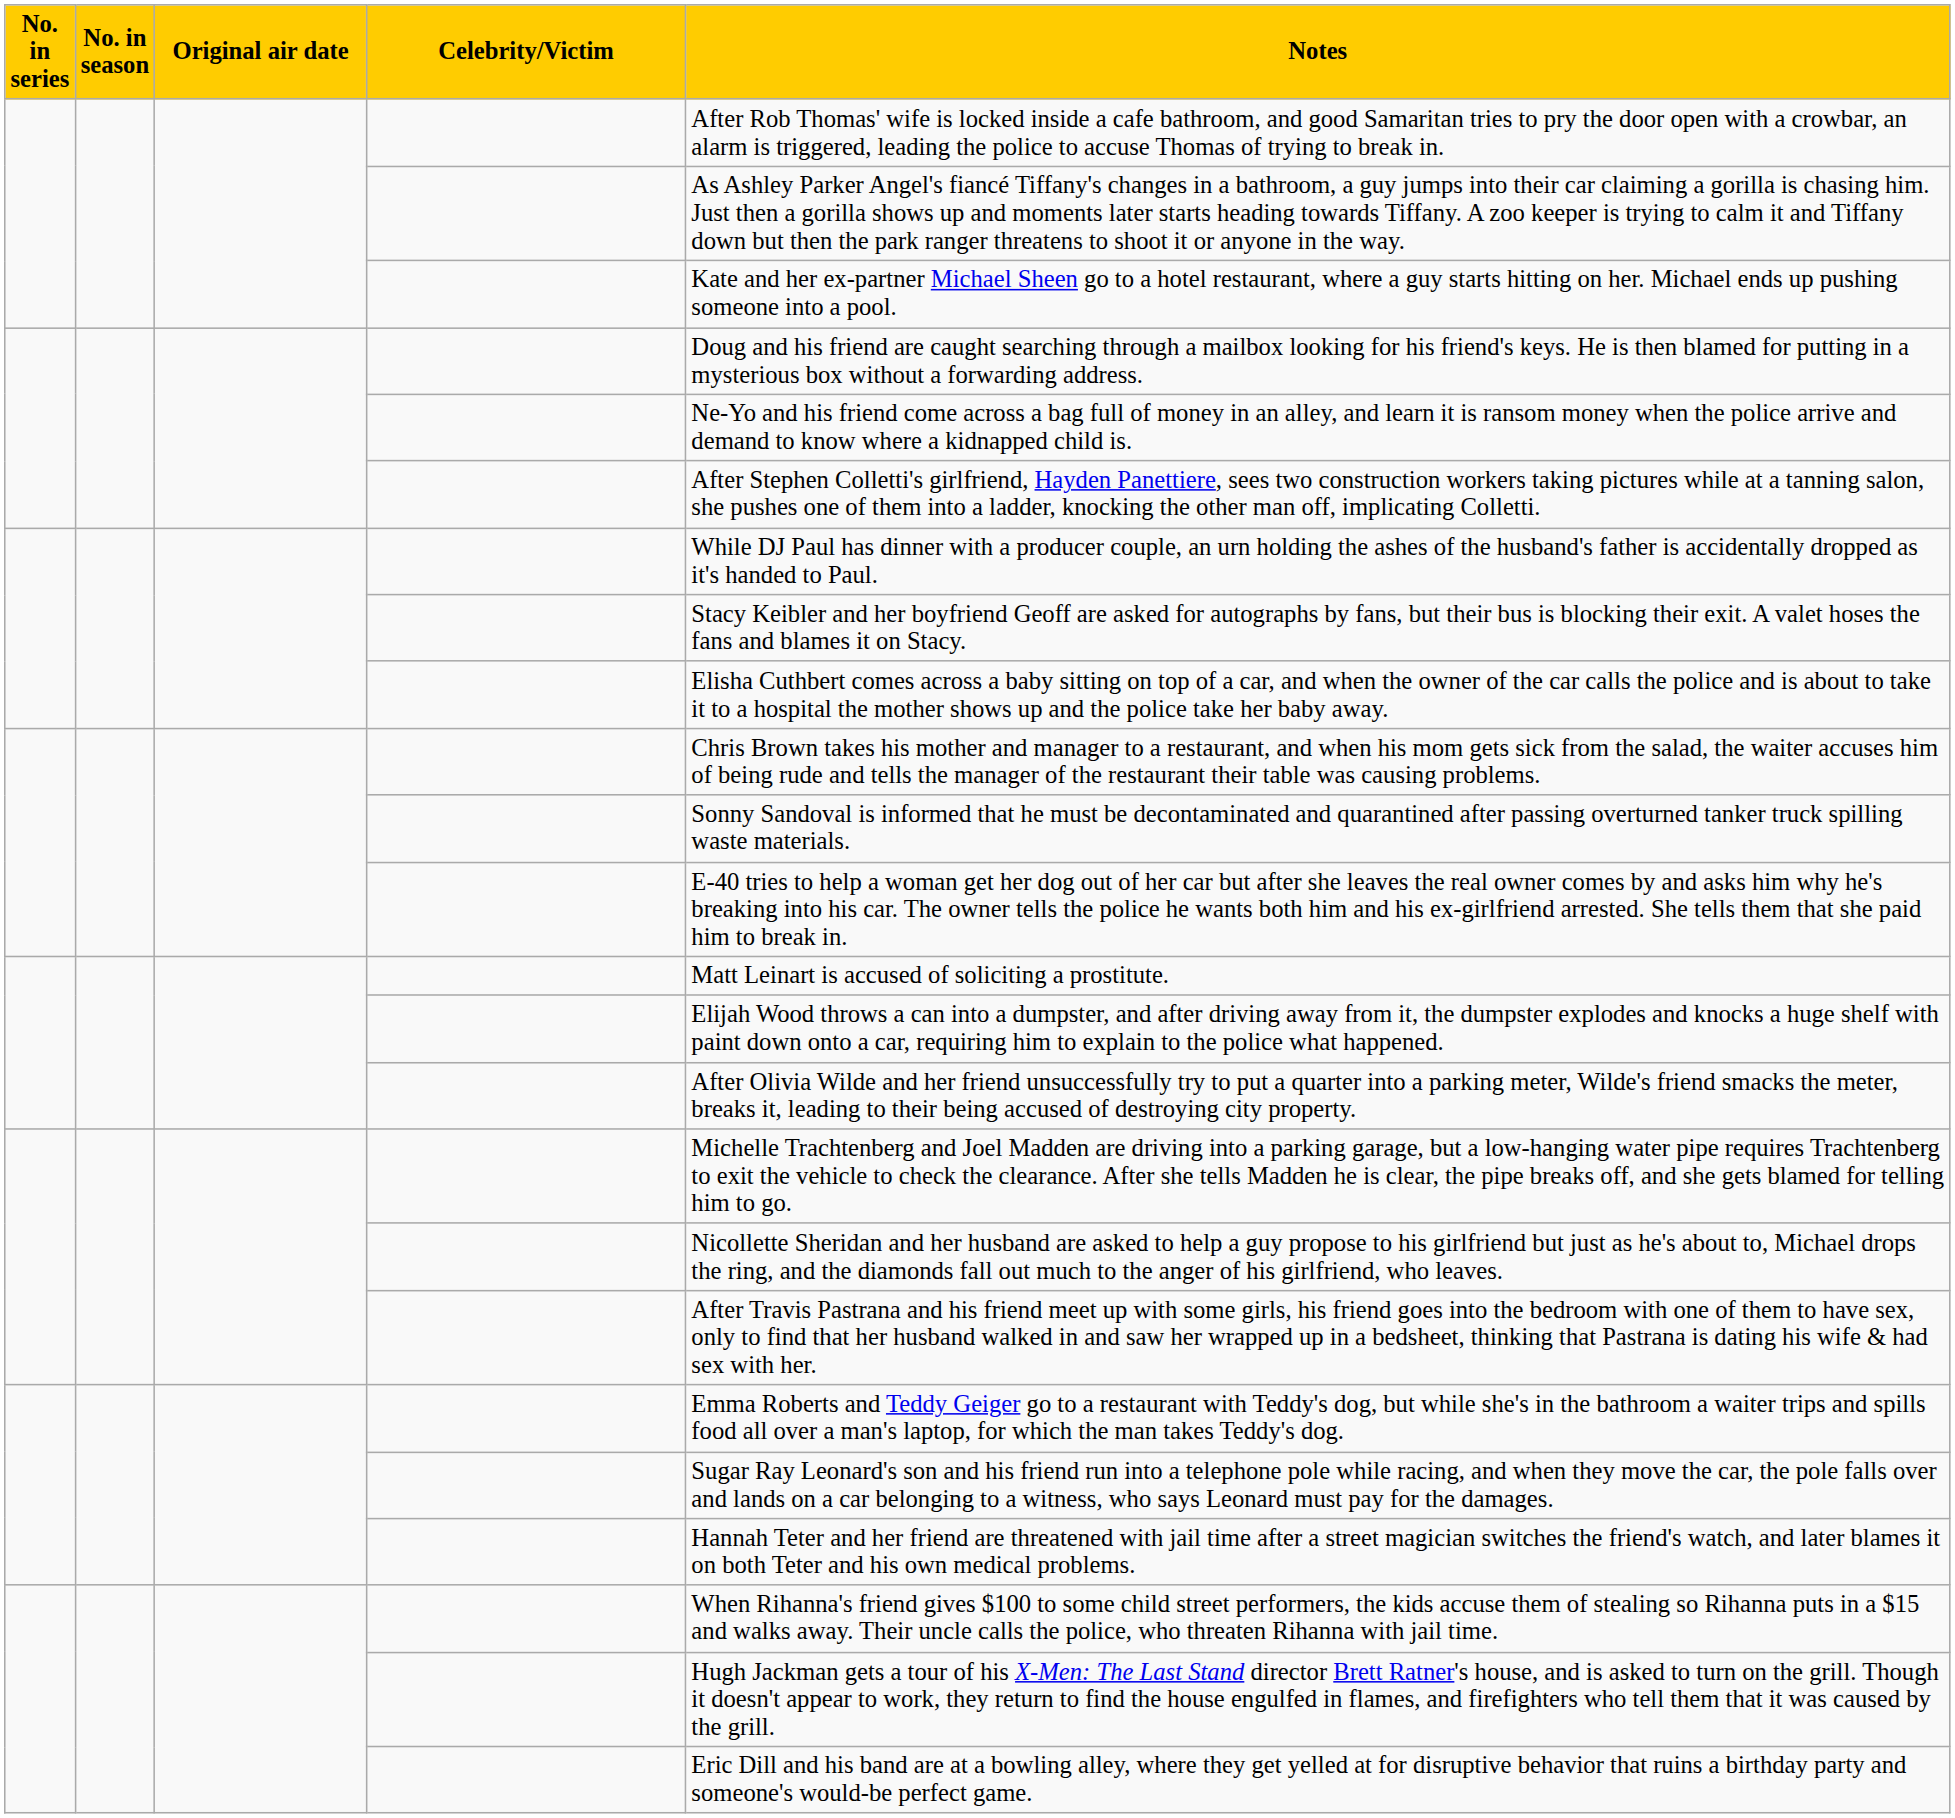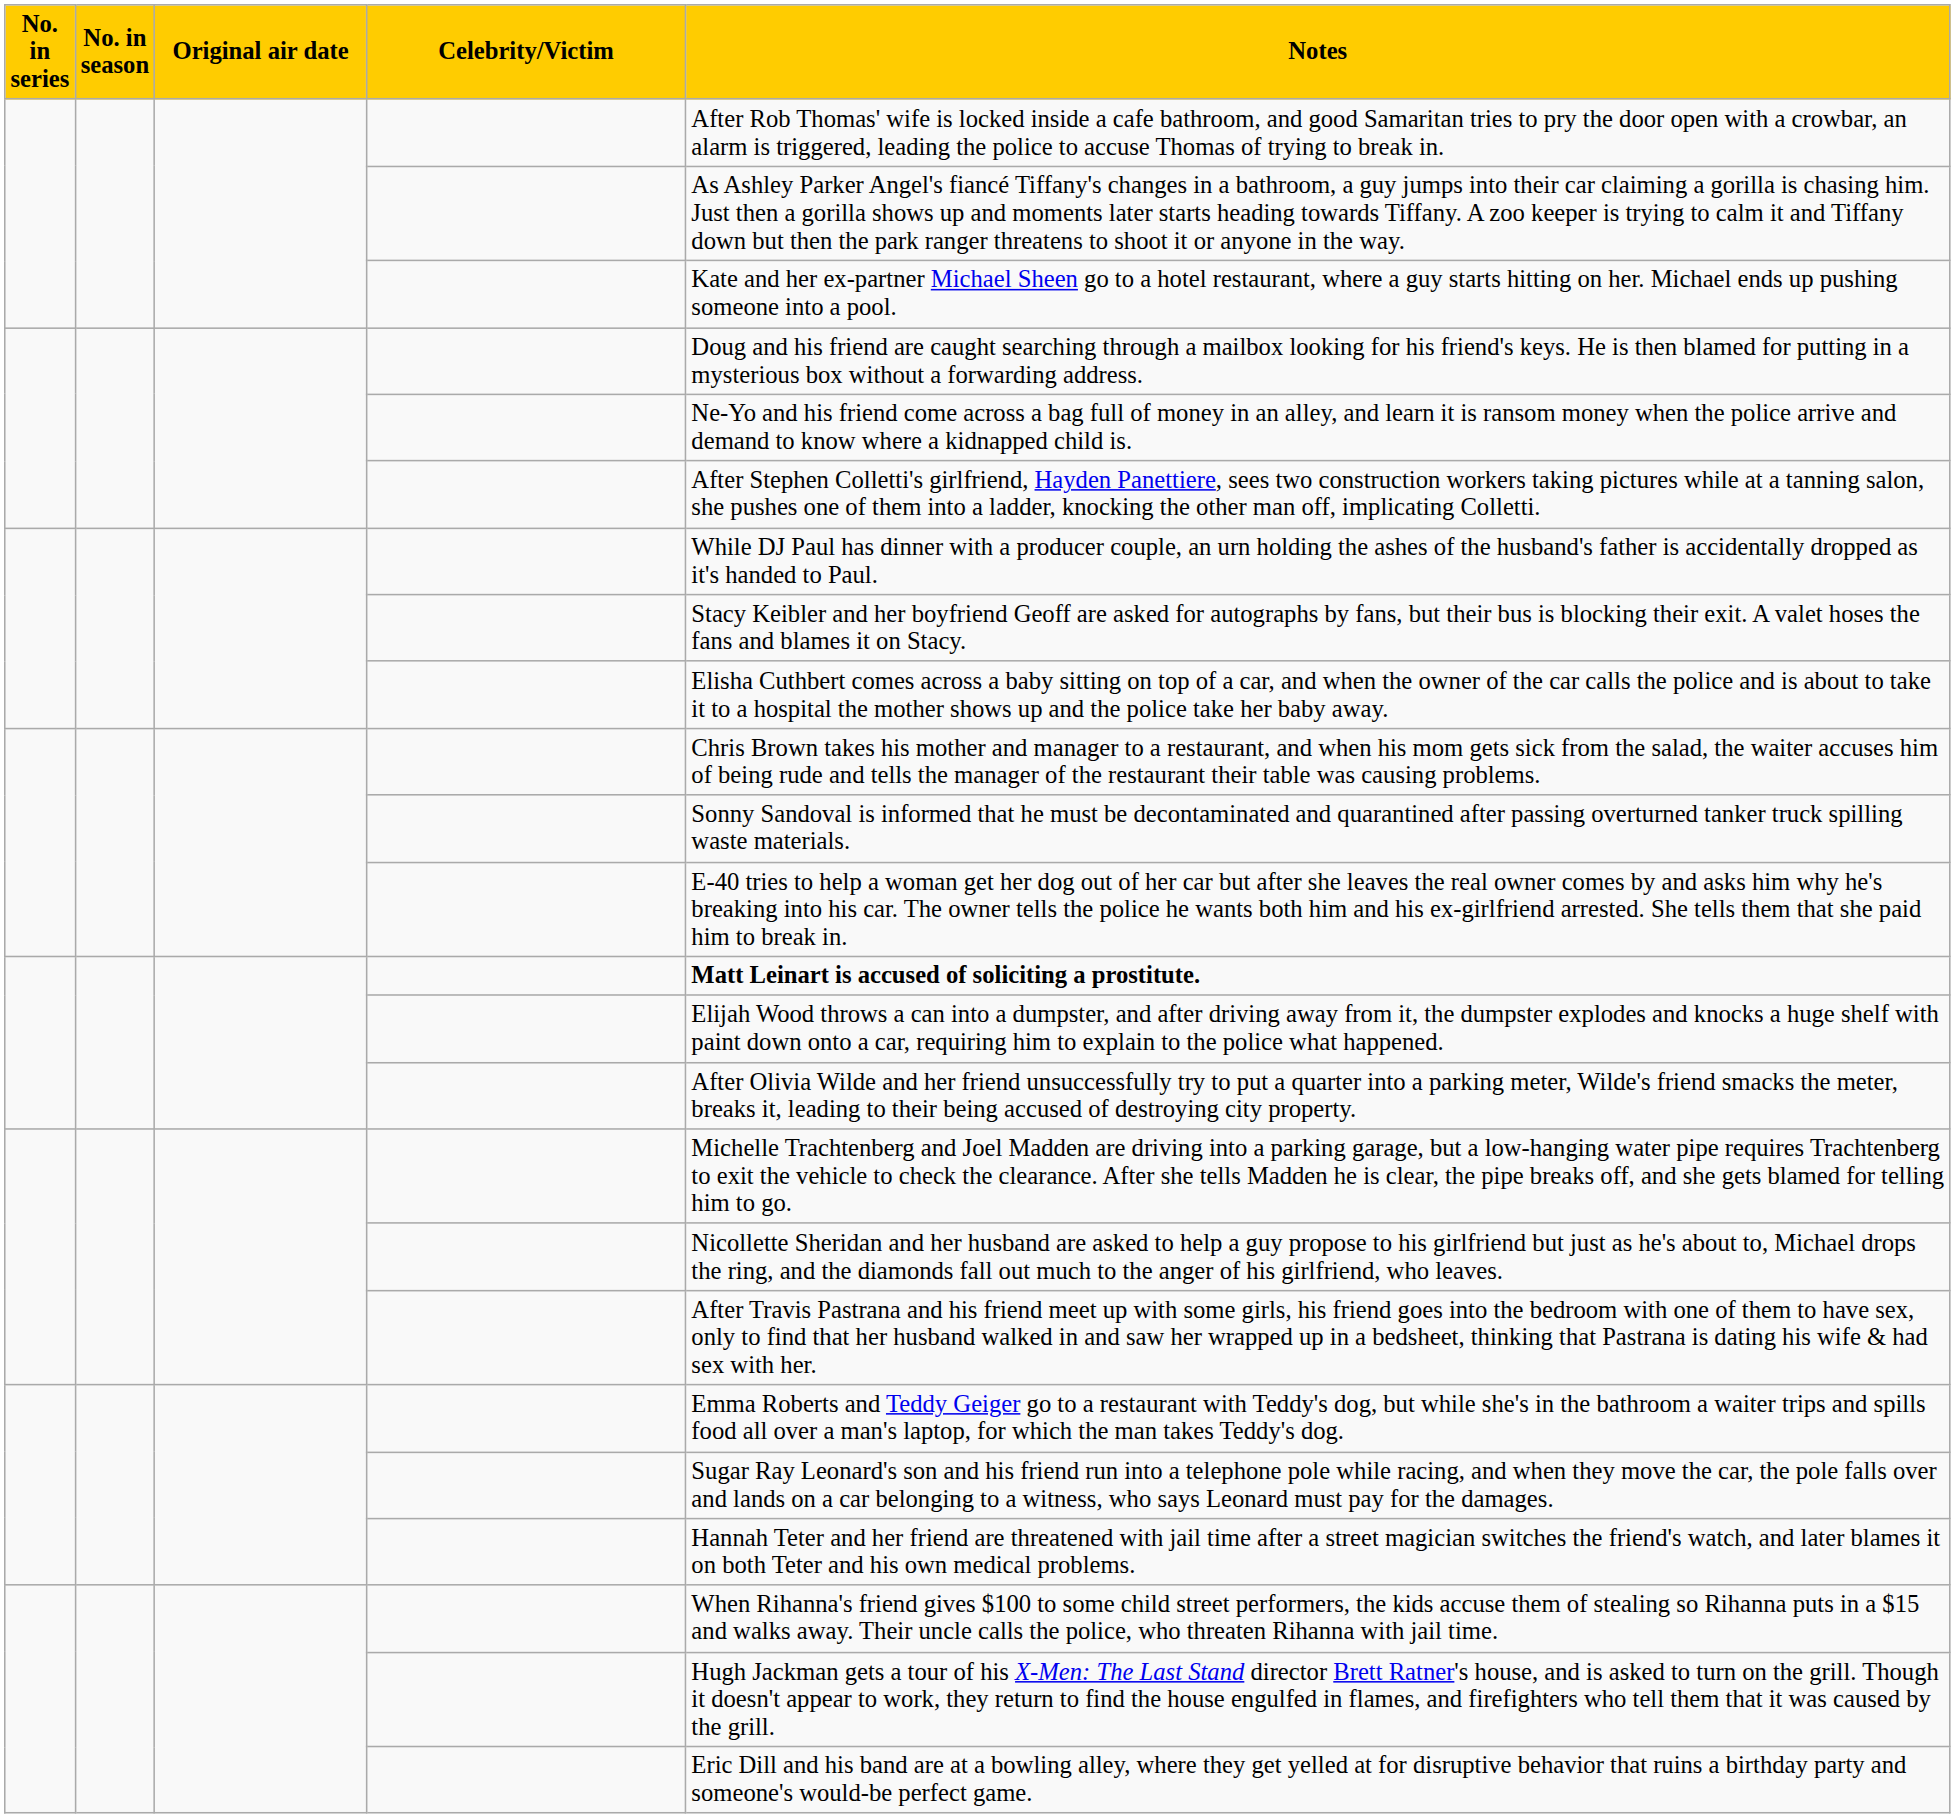 <table class="wikitable" style="width:100%">
 <tr style="color:Black">
 <th style="background:#fc0; width:20px;">No. in<br>series</th>
 <th style="background:#fc0; width:20px;">No. in<br>season</th>
 <th style="background:#fc0; width:130px;">Original air date</th>
 <th style="background:#fc0; width:200px;">Celebrity/Victim</th>
 <th style="background:#fc0;">Notes</th>
 </tr>
 <tr>
 <td rowspan="3"></td>
 <td rowspan="3"></td>
 <td rowspan="3"></td>
 <td></td>
 <td>After Rob Thomas' wife is locked inside a cafe bathroom, and good Samaritan tries to pry the door open with a crowbar, an alarm is triggered, leading the police to accuse Thomas of trying to break in.</td>
 </tr>
 <tr>
 <td></td>
 <td>As Ashley Parker Angel's fiancé Tiffany's changes in a bathroom, a guy jumps into their car claiming a gorilla is chasing him. Just then a gorilla shows up and moments later starts heading towards Tiffany. A zoo keeper is trying to calm it and Tiffany down but then the park ranger threatens to shoot it or anyone in the way.</td>
 </tr>
 <tr>
 <td></td>
 <td>Kate and her ex-partner <a href='#'>Michael Sheen</a> go to a hotel restaurant, where a guy starts hitting on her. Michael ends up pushing someone into a pool.</td>
 </tr>
 <tr>
 <td rowspan="3"></td>
 <td rowspan="3"></td>
 <td rowspan="3"></td>
 <td></td>
 <td>Doug and his friend are caught searching through a mailbox looking for his friend's keys. He is then blamed for putting in a mysterious box without a forwarding address.</td>
 </tr>
 <tr>
 <td></td>
 <td>Ne-Yo and his friend come across a bag full of money in an alley, and learn it is ransom money when the police arrive and demand to know where a kidnapped child is.</td>
 </tr>
 <tr>
 <td></td>
 <td>After Stephen Colletti's girlfriend, <a href='#'>Hayden Panettiere</a>, sees two construction workers taking pictures while at a tanning salon, she pushes one of them into a ladder, knocking the other man off, implicating Colletti.</td>
 </tr>
 <tr>
 <td rowspan="3"></td>
 <td rowspan="3"></td>
 <td rowspan="3"></td>
 <td></td>
 <td>While DJ Paul has dinner with a producer couple, an urn holding the ashes of the husband's father is accidentally dropped as it's handed to Paul.</td>
 </tr>
 <tr>
 <td></td>
 <td>Stacy Keibler and her boyfriend Geoff are asked for autographs by fans, but their bus is blocking their exit. A valet hoses the fans and blames it on Stacy.</td>
 </tr>
 <tr>
 <td></td>
 <td>Elisha Cuthbert comes across a baby sitting on top of a car, and when the owner of the car calls the police and is about to take it to a hospital the mother shows up and the police take her baby away.</td>
 </tr>
 <tr>
 <td rowspan="3"></td>
 <td rowspan="3"></td>
 <td rowspan="3"></td>
 <td></td>
 <td>Chris Brown takes his mother and manager to a restaurant, and when his mom gets sick from the salad, the waiter accuses him of being rude and tells the manager of the restaurant their table was causing problems.</td>
 </tr>
 <tr>
 <td></td>
 <td>Sonny Sandoval is informed that he must be decontaminated and quarantined after passing overturned tanker truck spilling waste materials.</td>
 </tr>
 <tr>
 <td></td>
 <td>E-40 tries to help a woman get her dog out of her car but after she leaves the real owner comes by and asks him why he's breaking into his car. The owner tells the police he wants both him and his ex-girlfriend arrested. She tells them that she paid him to break in.</td>
 </tr>
 <tr>
 <td rowspan="3"></td>
 <td rowspan="3"></td>
 <td rowspan="3"></td>
 <td></td>
-<td>Matt Leinart is accused of soliciting a prostitute.</td>
+<td><strong>Matt Leinart is accused of soliciting a prostitute.</strong></td>
 </tr>
 <tr>
 <td></td>
 <td>Elijah Wood throws a can into a dumpster, and after driving away from it, the dumpster explodes and knocks a huge shelf with paint down onto a car, requiring him to explain to the police what happened.</td>
 </tr>
 <tr>
 <td></td>
 <td>After Olivia Wilde and her friend unsuccessfully try to put a quarter into a parking meter, Wilde's friend smacks the meter, breaks it, leading to their being accused of destroying city property.</td>
 </tr>
 <tr>
 <td rowspan="3"></td>
 <td rowspan="3"></td>
 <td rowspan="3"></td>
 <td></td>
 <td>Michelle Trachtenberg and Joel Madden are driving into a parking garage, but a low-hanging water pipe requires Trachtenberg to exit the vehicle to check the clearance. After she tells Madden he is clear, the pipe breaks off, and she gets blamed for telling him to go.</td>
 </tr>
 <tr>
 <td></td>
 <td>Nicollette Sheridan and her husband are asked to help a guy propose to his girlfriend but just as he's about to, Michael drops the ring, and the diamonds fall out much to the anger of his girlfriend, who leaves.</td>
 </tr>
 <tr>
 <td></td>
 <td>After Travis Pastrana and his friend meet up with some girls, his friend goes into the bedroom with one of them to have sex, only to find that her husband walked in and saw her wrapped up in a bedsheet, thinking that Pastrana is dating his wife & had sex with her.</td>
 </tr>
 <tr>
 <td rowspan="3"></td>
 <td rowspan="3"></td>
 <td rowspan="3"></td>
 <td></td>
 <td>Emma Roberts and <a href='#'>Teddy Geiger</a> go to a restaurant with Teddy's dog, but while she's in the bathroom a waiter trips and spills food all over a man's laptop, for which the man takes Teddy's dog.</td>
 </tr>
 <tr>
 <td></td>
 <td>Sugar Ray Leonard's son and his friend run into a telephone pole while racing, and when they move the car, the pole falls over and lands on a car belonging to a witness, who says Leonard must pay for the damages.</td>
 </tr>
 <tr>
 <td></td>
 <td>Hannah Teter and her friend are threatened with jail time after a street magician switches the friend's watch, and later blames it on both Teter and his own medical problems.</td>
 </tr>
 <tr>
 <td rowspan="3"></td>
 <td rowspan="3"></td>
 <td rowspan="3"></td>
 <td></td>
 <td>When Rihanna's friend gives $100 to some child street performers, the kids accuse them of stealing so Rihanna puts in a $15 and walks away. Their uncle calls the police, who threaten Rihanna with jail time.</td>
 </tr>
 <tr>
 <td></td>
 <td>Hugh Jackman gets a tour of his <em><a href='#'>X-Men: The Last Stand</a></em> director <a href='#'>Brett Ratner</a>'s house, and is asked to turn on the grill. Though it doesn't appear to work, they return to find the house engulfed in flames, and firefighters who tell them that it was caused by the grill.</td>
 </tr>
 <tr>
 <td></td>
 <td>Eric Dill and his band are at a bowling alley, where they get yelled at for disruptive behavior that ruins a birthday party and someone's would-be perfect game.</td>
 </tr>
 </table>
